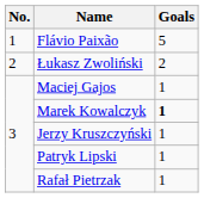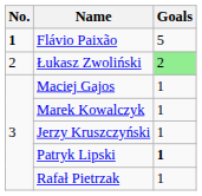 <table class="wikitable" style="display: inline-table;">
 <tr>
 <th>No.</th>
 <th>Name</th>
 <th>Goals</th>
 </tr>
 <tr>
-<td>1</td>
+<td><strong>1</strong></td>
 <td><a href='#'>Flávio Paixão</a></td>
 <td>5</td>
 </tr>
 <tr>
 <td>2</td>
 <td><a href='#'>Łukasz Zwoliński</a></td>
-<td>2</td>
+<td style="background: lightgreen;">2</td>
 </tr>
 <tr>
 <td rowspan=5>3</td>
 <td><a href='#'>Maciej Gajos</a></td>
 <td>1</td>
 </tr>
 <tr>
 <td><a href='#'>Marek Kowalczyk</a></td>
-<td><strong>1</strong></td>
+<td>1</td>
 </tr>
 <tr>
 <td><a href='#'>Jerzy Kruszczyński</a></td>
 <td>1</td>
 </tr>
 <tr>
 <td><a href='#'>Patryk Lipski</a></td>
-<td>1</td>
+<td><strong>1</strong></td>
 </tr>
 <tr>
 <td><a href='#'>Rafał Pietrzak</a></td>
 <td>1</td>
 </tr>
 </table>
